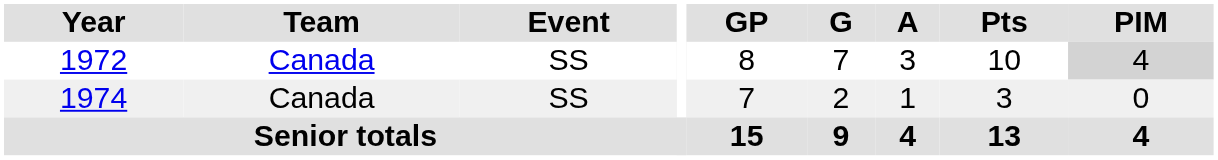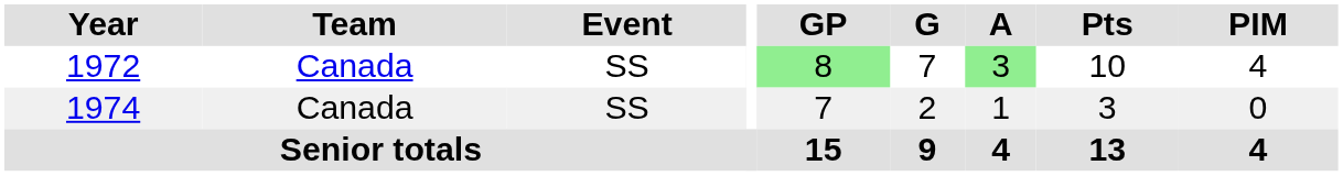 <table border="0" cellpadding="1" cellspacing="0" ID="Table3" style="text-align:center; width:40em">
 <tr bgcolor="#e0e0e0">
 <th>Year</th>
 <th>Team</th>
 <th>Event</th>
 <th rowspan="102" bgcolor="#ffffff"></th>
 <th>GP</th>
 <th>G</th>
 <th>A</th>
 <th>Pts</th>
 <th>PIM</th>
 </tr>
 <tr>
 <td><a href='#'>1972</a></td>
 <td><a href='#'>Canada</a></td>
 <td>SS</td>
-<td>8</td>
+<td style="background: lightgreen;">8</td>
 <td>7</td>
-<td>3</td>
+<td style="background: lightgreen;">3</td>
 <td>10</td>
-<td style="background: lightgrey;">4</td>
+<td>4</td>
 </tr>
 <tr bgcolor="#f0f0f0">
 <td><a href='#'>1974</a></td>
 <td>Canada</td>
 <td>SS</td>
 <td>7</td>
 <td>2</td>
 <td>1</td>
 <td>3</td>
 <td>0</td>
 </tr>
 <tr bgcolor="#e0e0e0">
 <th colspan="4">Senior totals</th>
 <th>15</th>
 <th>9</th>
 <th>4</th>
 <th>13</th>
 <th>4</th>
 </tr>
 </table>
